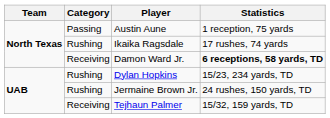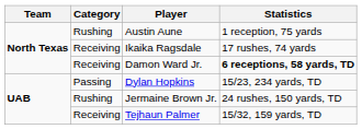 <table class="wikitable" style="float: left;">
 <tr>
 <th>Team</th>
 <th>Category</th>
 <th>Player</th>
 <th>Statistics</th>
 </tr>
 <tr>
 <td rowspan=3><strong>North Texas</strong></td>
-<td>Passing</td>
+<td>Rushing</td>
 <td>Austin Aune</td>
 <td>1 reception, 75 yards</td>
 </tr>
 <tr>
-<td>Rushing</td>
+<td>Receiving</td>
 <td>Ikaika Ragsdale</td>
 <td>17 rushes, 74 yards</td>
 </tr>
 <tr>
 <td>Receiving</td>
 <td>Damon Ward Jr.</td>
 <td><strong>6 receptions, 58 yards, TD</strong></td>
 </tr>
 <tr>
 <td rowspan=3><strong>UAB</strong></td>
-<td>Rushing</td>
+<td>Passing</td>
 <td><a href='#'>Dylan Hopkins</a></td>
 <td>15/23, 234 yards, TD</td>
 </tr>
 <tr>
 <td>Rushing</td>
 <td>Jermaine Brown Jr.</td>
 <td>24 rushes, 150 yards, TD</td>
 </tr>
 <tr>
 <td>Receiving</td>
 <td><a href='#'>Tejhaun Palmer</a></td>
 <td>15/32, 159 yards, TD</td>
 </tr>
 </table>
